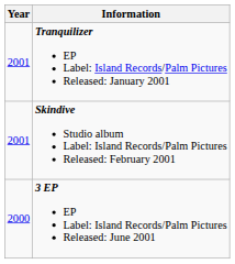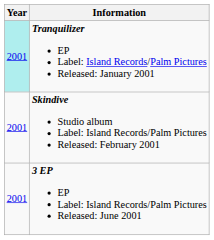 <table class="wikitable">
 <tr>
 <th align="center" rowspan="1">Year</th>
 <th align="center" rowspan="1">Information</th>
 </tr>
 <tr>
-<td><a href='#'>2001</a></td>
+<td style="background: paleturquoise;"><a href='#'>2001</a></td>
 <td><strong><em>Tranquilizer</em></strong><br><ul><li>EP</li><li>Label: <a href='#'>Island Records</a>/<a href='#'>Palm Pictures</a></li><li>Released: January 2001</li></ul></td>
 </tr>
 <tr>
 <td><a href='#'>2001</a></td>
 <td><strong><em>Skindive</em></strong><br><ul><li>Studio album</li><li>Label: Island Records/Palm Pictures</li><li>Released: February 2001</li></ul></td>
 </tr>
 <tr>
-<td><a href='#'>2000</a></td>
+<td><a href='#'>2001</a></td>
 <td><strong><em>3 EP</em></strong><br><ul><li>EP</li><li>Label: Island Records/Palm Pictures</li><li>Released: June 2001</li></ul></td>
 </tr>
 </table>
